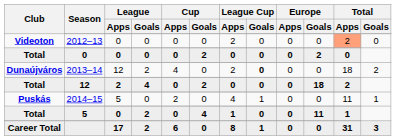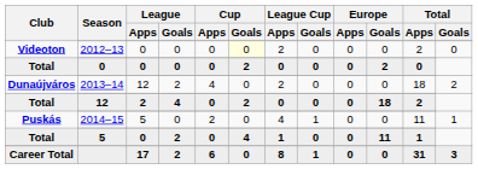 <table class="wikitable" style="font-size:90%; text-align: center;">
 <tr>
 <th rowspan="2">Club</th>
 <th rowspan="2">Season</th>
 <th colspan="2">League</th>
 <th colspan="2">Cup</th>
 <th colspan="2">League Cup</th>
 <th colspan="2">Europe</th>
 <th colspan="2">Total</th>
 </tr>
 <tr>
 <th>Apps</th>
 <th>Goals</th>
 <th>Apps</th>
 <th>Goals</th>
 <th>Apps</th>
 <th>Goals</th>
 <th>Apps</th>
 <th>Goals</th>
 <th>Apps</th>
 <th>Goals</th>
 </tr>
 <tr ||-||-||-|->
 <td rowspan="3" valign="center"><strong><a href='#'>Videoton</a></strong></td>
 </tr>
 <tr>
 <td><a href='#'>2012–13</a></td>
 <td>0</td>
 <td>0</td>
 <td>0</td>
-<td>0</td>
+<td style="background: lightyellow;">0</td>
 <td>2</td>
 <td>0</td>
 <td>0</td>
 <td>0</td>
-<td style="background: lightsalmon;">2</td>
+<td>2</td>
 <td>0</td>
 </tr>
 <tr>
 </tr>
 <tr style="font-weight:bold; background-color:#eeeeee;">
 <td>Total</td>
 <td>0</td>
 <td>0</td>
 <td>0</td>
 <td>0</td>
 <td>2</td>
 <td>0</td>
 <td>0</td>
 <td>0</td>
 <td>2</td>
 <td>0</td>
 </tr>
 <tr>
 <td rowspan="3" valign="center"><strong><a href='#'>Dunaújváros</a></strong></td>
 </tr>
 <tr>
 <td><a href='#'>2013–14</a></td>
 <td>12</td>
 <td>2</td>
 <td>4</td>
 <td>0</td>
 <td>2</td>
-<td><strong>0</strong></td>
+<td>0</td>
 <td>0</td>
 <td>0</td>
 <td>18</td>
 <td>2</td>
 </tr>
 <tr>
 </tr>
 <tr style="font-weight:bold; background-color:#eeeeee;">
 <td>Total</td>
 <td>12</td>
 <td>2</td>
 <td>4</td>
 <td>0</td>
 <td>2</td>
 <td>0</td>
 <td>0</td>
 <td>0</td>
 <td>18</td>
 <td>2</td>
 </tr>
 <tr>
 <td rowspan="3" valign="center"><strong><a href='#'>Puskás</a></strong></td>
 </tr>
 <tr>
 <td><a href='#'>2014–15</a></td>
 <td>5</td>
 <td>0</td>
 <td>2</td>
 <td>0</td>
 <td>4</td>
 <td>1</td>
 <td>0</td>
 <td>0</td>
 <td>11</td>
 <td>1</td>
 </tr>
 <tr>
 </tr>
 <tr style="font-weight:bold; background-color:#eeeeee;">
 <td>Total</td>
 <td>5</td>
 <td>0</td>
 <td>2</td>
 <td>0</td>
 <td>4</td>
 <td>1</td>
 <td>0</td>
 <td>0</td>
 <td>11</td>
 <td>1</td>
 </tr>
 <tr>
 </tr>
 <tr style="font-weight:bold; background-color:#eeeeee;">
 <td rowspan="2" valign="top"><strong>Career Total</strong></td>
 <td></td>
 <td><strong>17</strong></td>
 <td><strong>2</strong></td>
 <td><strong>6</strong></td>
 <td><strong>0</strong></td>
 <td><strong>8</strong></td>
 <td><strong>1</strong></td>
 <td><strong>0</strong></td>
 <td><strong>0</strong></td>
 <td><strong>31</strong></td>
 <td><strong>3</strong></td>
 </tr>
 </table>
